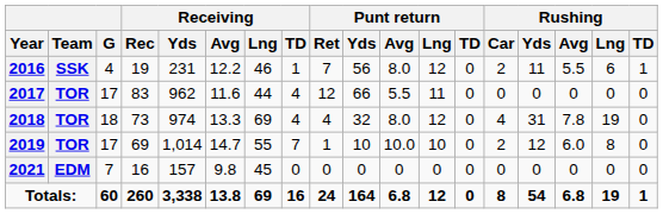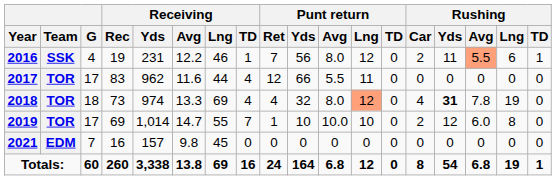 <table class="wikitable">
 <tr>
 <th colspan="3"></th>
 <th colspan="5">Receiving</th>
 <th colspan="5">Punt return</th>
 <th colspan="5">Rushing</th>
 </tr>
 <tr>
 <th>Year</th>
 <th>Team</th>
 <th>G</th>
 <th>Rec</th>
 <th>Yds</th>
 <th>Avg</th>
 <th>Lng</th>
 <th>TD</th>
 <th>Ret</th>
 <th>Yds</th>
 <th>Avg</th>
 <th>Lng</th>
 <th>TD</th>
 <th>Car</th>
 <th>Yds</th>
 <th>Avg</th>
 <th>Lng</th>
 <th>TD</th>
 </tr>
 <tr style="text-align:center;">
 <th><a href='#'>2016</a></th>
 <th><a href='#'>SSK</a></th>
 <td>4</td>
 <td>19</td>
 <td>231</td>
 <td>12.2</td>
 <td>46</td>
 <td>1</td>
 <td>7</td>
 <td>56</td>
 <td>8.0</td>
 <td>12</td>
 <td>0</td>
 <td>2</td>
 <td>11</td>
-<td>5.5</td>
+<td style="background: lightsalmon;">5.5</td>
 <td>6</td>
 <td>1</td>
 </tr>
 <tr style="text-align:center;">
 <th><a href='#'>2017</a></th>
 <th><a href='#'>TOR</a></th>
 <td>17</td>
 <td>83</td>
 <td>962</td>
 <td>11.6</td>
 <td>44</td>
 <td>4</td>
 <td>12</td>
 <td>66</td>
 <td>5.5</td>
 <td>11</td>
 <td>0</td>
 <td>0</td>
 <td>0</td>
 <td>0</td>
 <td>0</td>
 <td>0</td>
 </tr>
 <tr style="text-align:center;">
 <th><a href='#'>2018</a></th>
 <th><a href='#'>TOR</a></th>
 <td>18</td>
 <td>73</td>
 <td>974</td>
 <td>13.3</td>
 <td>69</td>
 <td>4</td>
 <td>4</td>
 <td>32</td>
 <td>8.0</td>
-<td>12</td>
+<td style="background: lightsalmon;">12</td>
 <td>0</td>
 <td>4</td>
-<td>31</td>
+<td><strong>31</strong></td>
 <td>7.8</td>
 <td>19</td>
 <td>0</td>
 </tr>
 <tr style="text-align:center;">
 <th><a href='#'>2019</a></th>
 <th><a href='#'>TOR</a></th>
 <td>17</td>
 <td>69</td>
 <td>1,014</td>
 <td>14.7</td>
 <td>55</td>
 <td>7</td>
 <td>1</td>
 <td>10</td>
 <td>10.0</td>
 <td>10</td>
 <td>0</td>
 <td>2</td>
 <td>12</td>
 <td>6.0</td>
 <td>8</td>
 <td>0</td>
 </tr>
 <tr style="text-align:center;">
 <th><a href='#'>2021</a></th>
 <th><a href='#'>EDM</a></th>
 <td>7</td>
 <td>16</td>
 <td>157</td>
 <td>9.8</td>
 <td>45</td>
 <td>0</td>
 <td>0</td>
 <td>0</td>
 <td>0</td>
 <td>0</td>
 <td>0</td>
 <td>0</td>
 <td>0</td>
 <td>0</td>
 <td>0</td>
 <td>0</td>
 </tr>
 <tr style="text-align:center;">
 <td colspan="2"><strong>Totals:</strong></td>
 <td><strong>60</strong></td>
 <td><strong>260</strong></td>
 <td><strong>3,338</strong></td>
 <td><strong>13.8</strong></td>
 <td><strong>69</strong></td>
 <td><strong>16</strong></td>
 <td><strong>24</strong></td>
 <td><strong>164</strong></td>
 <td><strong>6.8</strong></td>
 <td><strong>12</strong></td>
 <td><strong>0</strong></td>
 <td><strong>8</strong></td>
 <td><strong>54</strong></td>
 <td><strong>6.8</strong></td>
 <td><strong>19</strong></td>
 <td><strong>1</strong></td>
 </tr>
 </table>
